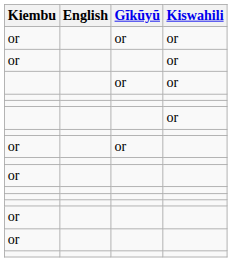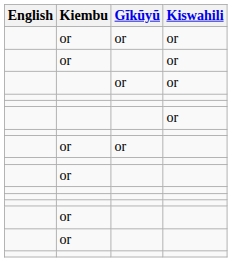 <table class="wikitable sortable">
 <tr>
+<th>English</th>
 <th>Kiembu</th>
-<th>English</th>
 <th><a href='#'>Gĩkũyũ</a></th>
 <th><a href='#'>Kiswahili</a></th>
 </tr>
 <tr>
+<td></td>
 <td> or </td>
-<td></td>
 <td> or </td>
 <td> or </td>
 </tr>
 <tr>
+<td></td>
 <td> or </td>
-<td></td>
 <td></td>
 <td> or </td>
 </tr>
 <tr>
 <td></td>
 <td></td>
 <td> or </td>
 <td> or </td>
 </tr>
 <tr>
 <td></td>
 <td></td>
 <td></td>
 <td></td>
 </tr>
 <tr>
 <td></td>
 <td></td>
 <td></td>
 <td></td>
 </tr>
 <tr>
 <td></td>
 <td></td>
 <td></td>
 <td> or </td>
 </tr>
 <tr>
 <td></td>
 <td></td>
 <td></td>
 <td></td>
 </tr>
 <tr>
+<td></td>
 <td> or </td>
-<td></td>
 <td> or </td>
 <td></td>
 </tr>
 <tr>
 <td></td>
 <td></td>
 <td></td>
 <td></td>
 </tr>
 <tr>
+<td></td>
 <td> or </td>
-<td></td>
 <td></td>
 <td></td>
 </tr>
 <tr>
 <td></td>
 <td></td>
 <td></td>
 <td></td>
 </tr>
 <tr>
 <td></td>
 <td></td>
 <td></td>
 <td></td>
 </tr>
 <tr>
 <td></td>
 <td></td>
 <td></td>
 <td></td>
 </tr>
 <tr>
+<td></td>
 <td> or </td>
-<td></td>
 <td></td>
 <td></td>
 </tr>
 <tr>
+<td></td>
 <td> or </td>
-<td></td>
 <td></td>
 <td></td>
 </tr>
 <tr>
 <td></td>
 <td></td>
 <td></td>
 <td></td>
 </tr>
 </table>
